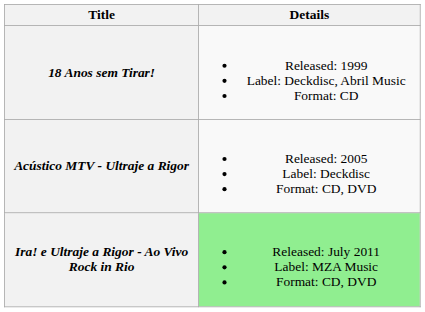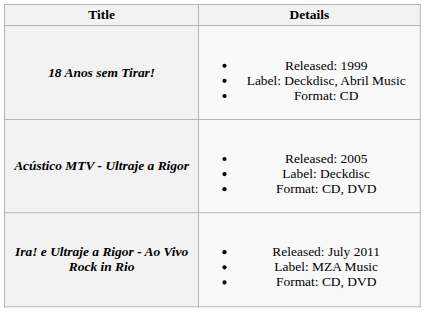 <table class="wikitable plainrowheaders" style="text-align:center;">
 <tr>
 <th scope="col" style="width:14em;">Title</th>
 <th scope="col" style="width:16em;">Details</th>
 </tr>
 <tr>
 <th scope="row"><em>18 Anos sem Tirar!</em></th>
 <td><br><ul><li>Released: 1999</li><li>Label: Deckdisc, Abril Music</li><li>Format: CD</li></ul></td>
 </tr>
 <tr>
 <th scope="row"><em>Acústico MTV - Ultraje a Rigor</em></th>
 <td><br><ul><li>Released: 2005</li><li>Label: Deckdisc</li><li>Format: CD, DVD</li></ul></td>
 </tr>
 <tr>
 <th scope="row"><em>Ira! e Ultraje a Rigor - Ao Vivo Rock in Rio</em></th>
-<td style="background: lightgreen;"><br><ul><li>Released: July 2011</li><li>Label: MZA Music</li><li>Format: CD, DVD</li></ul></td>
+<td><br><ul><li>Released: July 2011</li><li>Label: MZA Music</li><li>Format: CD, DVD</li></ul></td>
 </tr>
 </table>
